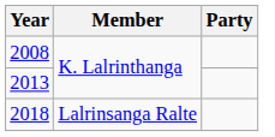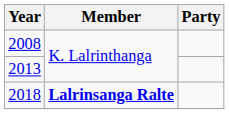 <table class="wikitable sortable">
 <tr>
 <th>Year</th>
 <th>Member</th>
 <th colspan=2>Party</th>
 </tr>
 <tr>
 <td><a href='#'>2008</a></td>
 <td rowspan=2><a href='#'>K. Lalrinthanga</a></td>
 <td></td>
 </tr>
 <tr>
 <td><a href='#'>2013</a></td>
 </tr>
 <tr>
 <td><a href='#'>2018</a></td>
-<td><a href='#'>Lalrinsanga Ralte</a></td>
+<td><strong><a href='#'>Lalrinsanga Ralte</a></strong></td>
 <td></td>
 </tr>
 <tr>
 </tr>
 </table>
